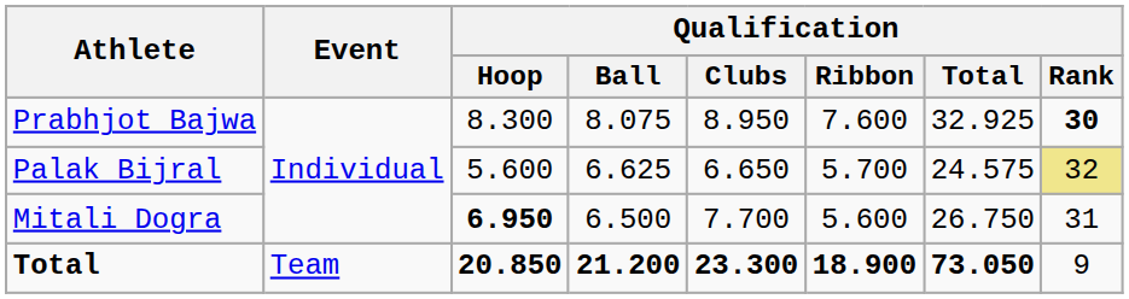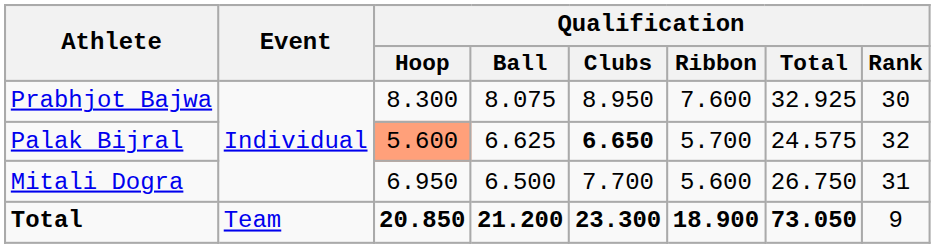 <table class=wikitable style="text-align:center; font-size:90%">
 <tr>
 <th rowspan="2">Athlete</th>
 <th rowspan="2">Event</th>
 <th colspan=6>Qualification</th>
 </tr>
 <tr style="font-size:95%">
 <th>Hoop</th>
 <th>Ball</th>
 <th>Clubs</th>
 <th>Ribbon</th>
 <th>Total</th>
 <th>Rank</th>
 </tr>
 <tr>
 <td align=left><a href='#'>Prabhjot Bajwa</a></td>
 <td align=left rowspan=3><a href='#'>Individual</a></td>
 <td>8.300</td>
 <td>8.075</td>
 <td>8.950</td>
 <td>7.600</td>
 <td>32.925</td>
-<td><strong>30</strong></td>
+<td>30</td>
 </tr>
 <tr>
 <td align=left><a href='#'>Palak Bijral</a></td>
-<td>5.600</td>
+<td style="background: lightsalmon;">5.600</td>
 <td>6.625</td>
-<td>6.650</td>
+<td><strong>6.650</strong></td>
 <td>5.700</td>
 <td>24.575</td>
-<td style="background: khaki;">32</td>
+<td>32</td>
 </tr>
 <tr>
 <td align=left><a href='#'>Mitali Dogra</a></td>
-<td><strong>6.950</strong></td>
+<td>6.950</td>
 <td>6.500</td>
 <td>7.700</td>
 <td>5.600</td>
 <td>26.750</td>
 <td>31</td>
 </tr>
 <tr>
 <td align=left><strong>Total</strong></td>
 <td align=left><a href='#'>Team</a></td>
 <td><strong>20.850</strong></td>
 <td><strong>21.200</strong></td>
 <td><strong>23.300</strong></td>
 <td><strong>18.900</strong></td>
 <td><strong>73.050</strong></td>
 <td>9</td>
 </tr>
 </table>
